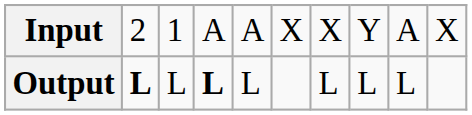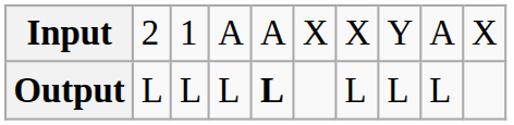 <table class="wikitable">
 <tr>
 <th>Input</th>
 <td>2</td>
 <td>1</td>
 <td>A</td>
 <td>A</td>
 <td>X</td>
 <td>X</td>
 <td>Y</td>
 <td>A</td>
 <td>X</td>
 </tr>
 <tr>
 <th>Output</th>
-<td><strong>L</strong></td>
+<td>L</td>
+<td>L</td>
 <td>L</td>
 <td><strong>L</strong></td>
-<td>L</td>
 <td></td>
 <td>L</td>
 <td>L</td>
 <td>L</td>
 <td></td>
 </tr>
 </table>
